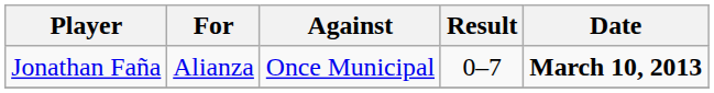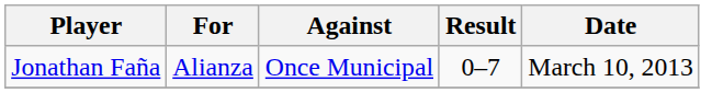 <table class="wikitable sortable">
 <tr>
 <th>Player</th>
 <th>For</th>
 <th>Against</th>
 <th style="text-align:center;">Result</th>
 <th>Date</th>
 </tr>
 <tr>
 <td> <a href='#'>Jonathan Faña</a></td>
 <td><a href='#'>Alianza</a></td>
 <td><a href='#'>Once Municipal</a></td>
 <td align=center>0–7</td>
-<td><strong>March 10, 2013</strong></td>
+<td>March 10, 2013</td>
 </tr>
 <tr>
 </tr>
 </table>
